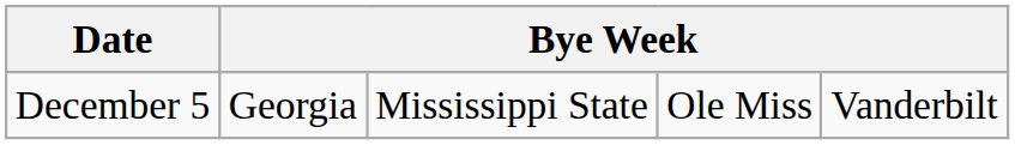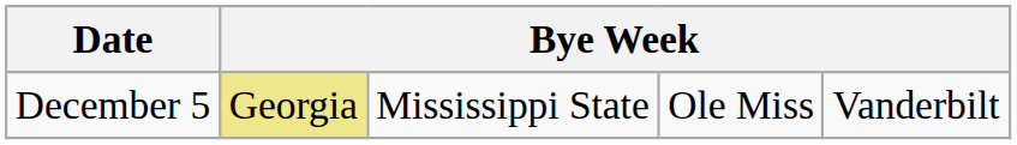 <table class="wikitable" style="font-size:95%;">
 <tr>
 <th>Date</th>
 <th colspan="4">Bye Week</th>
 </tr>
 <tr>
 <td>December 5</td>
-<td>Georgia</td>
+<td style="background: khaki;">Georgia</td>
 <td>Mississippi State</td>
 <td>Ole Miss</td>
 <td>Vanderbilt</td>
 </tr>
 </table>
